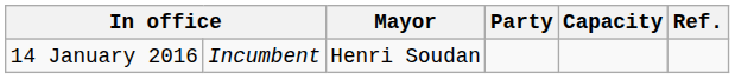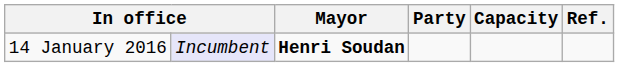 <table class="wikitable">
 <tr>
 <th colspan="2">In office</th>
 <th>Mayor</th>
 <th>Party</th>
 <th>Capacity</th>
 <th>Ref.</th>
 </tr>
 <tr>
 <td>14 January 2016</td>
-<td><em>Incumbent</em></td>
-<td>Henri Soudan</td>
+<td style="background: lavender;"><em>Incumbent</em></td>
+<td><strong>Henri Soudan</strong></td>
 <td></td>
 <td></td>
 <td></td>
 </tr>
 </table>
